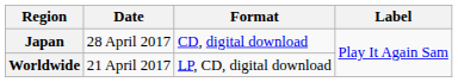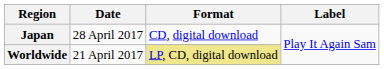 <table class="wikitable plainrowheaders">
 <tr>
 <th scope="col">Region</th>
 <th scope="col">Date</th>
 <th scope="col">Format</th>
 <th scope="col">Label</th>
 </tr>
 <tr>
 <th scope="row">Japan</th>
 <td>28 April 2017</td>
 <td><a href='#'>CD</a>, <a href='#'>digital download</a></td>
 <td rowspan="2"><a href='#'>Play It Again Sam</a></td>
 </tr>
 <tr>
 <th scope="row">Worldwide</th>
 <td>21 April 2017</td>
-<td><a href='#'>LP</a>, CD, digital download</td>
+<td style="background: khaki;"><a href='#'>LP</a>, CD, digital download</td>
 </tr>
 </table>
